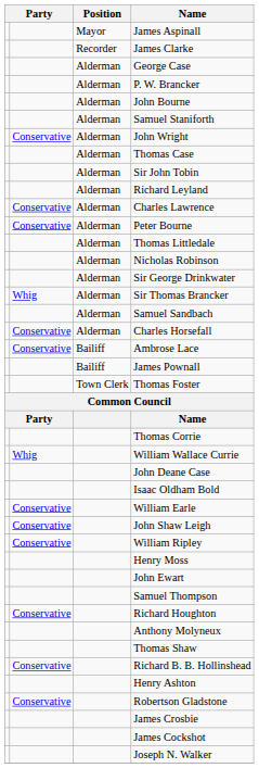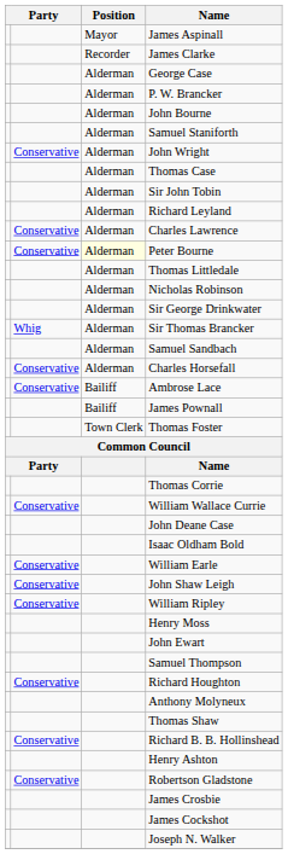 <table class="wikitable">
 <tr>
 <th colspan="2">Party</th>
 <th>Position</th>
 <th>Name</th>
 </tr>
 <tr>
 <td></td>
 <td></td>
 <td>Mayor</td>
 <td>James Aspinall</td>
 </tr>
 <tr>
 <td></td>
 <td></td>
 <td>Recorder</td>
 <td>James Clarke</td>
 </tr>
 <tr>
 <td></td>
 <td></td>
 <td>Alderman</td>
 <td>George Case</td>
 </tr>
 <tr>
 <td></td>
 <td></td>
 <td>Alderman</td>
 <td>P. W. Brancker</td>
 </tr>
 <tr>
 <td></td>
 <td></td>
 <td>Alderman</td>
 <td>John Bourne</td>
 </tr>
 <tr>
 <td></td>
 <td></td>
 <td>Alderman</td>
 <td>Samuel Staniforth</td>
 </tr>
 <tr>
 <td style="background-color: "></td>
 <td><a href='#'>Conservative</a></td>
 <td>Alderman</td>
 <td>John Wright</td>
 </tr>
 <tr>
 <td></td>
 <td></td>
 <td>Alderman</td>
 <td>Thomas Case</td>
 </tr>
 <tr>
 <td></td>
 <td></td>
 <td>Alderman</td>
 <td>Sir John Tobin</td>
 </tr>
 <tr>
 <td></td>
 <td></td>
 <td>Alderman</td>
 <td>Richard Leyland</td>
 </tr>
 <tr>
 <td style="background-color: "></td>
 <td><a href='#'>Conservative</a></td>
 <td>Alderman</td>
 <td>Charles Lawrence</td>
 </tr>
 <tr>
 <td style="background-color: "></td>
 <td><a href='#'>Conservative</a></td>
-<td>Alderman</td>
+<td style="background: lightyellow;">Alderman</td>
 <td>Peter Bourne</td>
 </tr>
 <tr>
 <td></td>
 <td></td>
 <td>Alderman</td>
 <td>Thomas Littledale</td>
 </tr>
 <tr>
 <td></td>
 <td></td>
 <td>Alderman</td>
 <td>Nicholas Robinson</td>
 </tr>
 <tr>
 <td></td>
 <td></td>
 <td>Alderman</td>
 <td>Sir George Drinkwater</td>
 </tr>
 <tr>
 <td style="background-color: "></td>
 <td><a href='#'>Whig</a></td>
 <td>Alderman</td>
 <td>Sir Thomas Brancker</td>
 </tr>
 <tr>
 <td></td>
 <td></td>
 <td>Alderman</td>
 <td>Samuel Sandbach</td>
 </tr>
 <tr>
 <td style="background-color: "></td>
 <td><a href='#'>Conservative</a></td>
 <td>Alderman</td>
 <td>Charles Horsefall</td>
 </tr>
 <tr>
 <td style="background-color: "></td>
 <td><a href='#'>Conservative</a></td>
 <td>Bailiff</td>
 <td>Ambrose Lace</td>
 </tr>
 <tr>
 <td></td>
 <td></td>
 <td>Bailiff</td>
 <td>James Pownall</td>
 </tr>
 <tr>
 <td></td>
 <td></td>
 <td>Town Clerk</td>
 <td>Thomas Foster</td>
 </tr>
 <tr>
 <th colspan="4">Common Council</th>
 </tr>
 <tr>
 <th colspan="2">Party</th>
 <th></th>
 <th>Name</th>
 </tr>
 <tr>
 <td></td>
 <td></td>
 <td></td>
 <td>Thomas Corrie</td>
 </tr>
 <tr>
 <td style="background-color: "></td>
-<td><a href='#'>Whig</a></td>
+<td><a href='#'>Conservative</a></td>
 <td></td>
 <td>William Wallace Currie</td>
 </tr>
 <tr>
 <td></td>
 <td></td>
 <td></td>
 <td>John Deane Case</td>
 </tr>
 <tr>
 <td></td>
 <td></td>
 <td></td>
 <td>Isaac Oldham Bold</td>
 </tr>
 <tr>
 <td style="background-color: "></td>
 <td><a href='#'>Conservative</a></td>
 <td></td>
 <td>William Earle</td>
 </tr>
 <tr>
 <td style="background-color: "></td>
 <td><a href='#'>Conservative</a></td>
 <td></td>
 <td>John Shaw Leigh</td>
 </tr>
 <tr>
 <td style="background-color: "></td>
 <td><a href='#'>Conservative</a></td>
 <td></td>
 <td>William Ripley</td>
 </tr>
 <tr>
 <td></td>
 <td></td>
 <td></td>
 <td>Henry Moss</td>
 </tr>
 <tr>
 <td></td>
 <td></td>
 <td></td>
 <td>John Ewart</td>
 </tr>
 <tr>
 <td></td>
 <td></td>
 <td></td>
 <td>Samuel Thompson</td>
 </tr>
 <tr>
 <td style="background-color: "></td>
 <td><a href='#'>Conservative</a></td>
 <td></td>
 <td>Richard Houghton</td>
 </tr>
 <tr>
 <td></td>
 <td></td>
 <td></td>
 <td>Anthony Molyneux</td>
 </tr>
 <tr>
 <td></td>
 <td></td>
 <td></td>
 <td>Thomas Shaw</td>
 </tr>
 <tr>
 <td style="background-color: "></td>
 <td><a href='#'>Conservative</a></td>
 <td></td>
 <td>Richard B. B. Hollinshead</td>
 </tr>
 <tr>
 <td></td>
 <td></td>
 <td></td>
 <td>Henry Ashton</td>
 </tr>
 <tr>
 <td style="background-color: "></td>
 <td><a href='#'>Conservative</a></td>
 <td></td>
 <td>Robertson Gladstone</td>
 </tr>
 <tr>
 <td></td>
 <td></td>
 <td></td>
 <td>James Crosbie</td>
 </tr>
 <tr>
 <td></td>
 <td></td>
 <td></td>
 <td>James Cockshot</td>
 </tr>
 <tr>
 <td></td>
 <td></td>
 <td></td>
 <td>Joseph N. Walker</td>
 </tr>
 <tr>
 </tr>
 </table>
